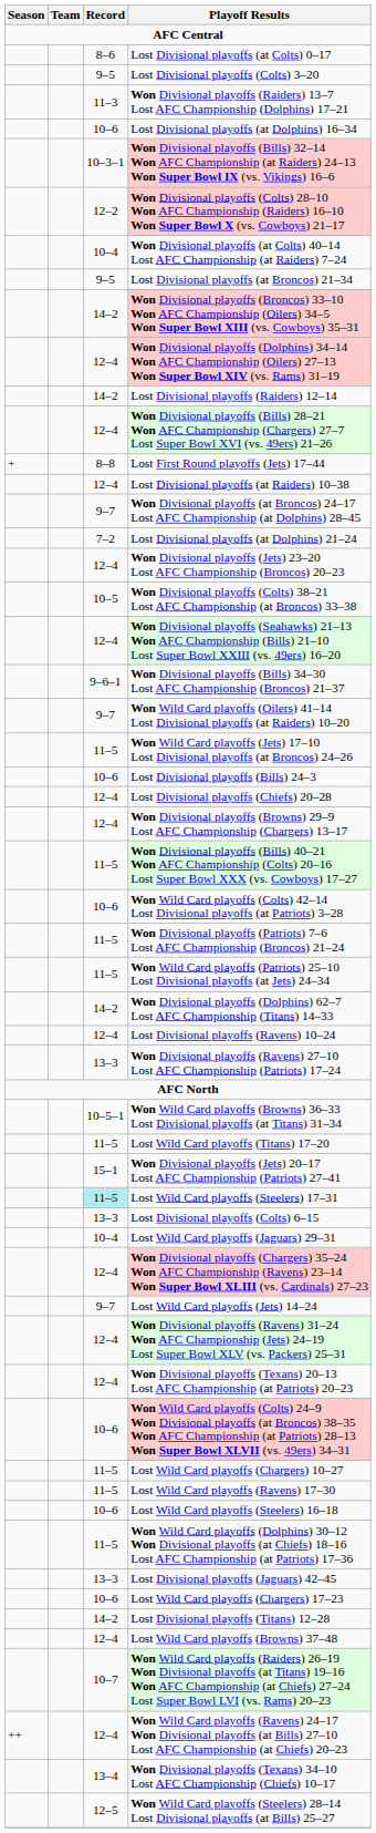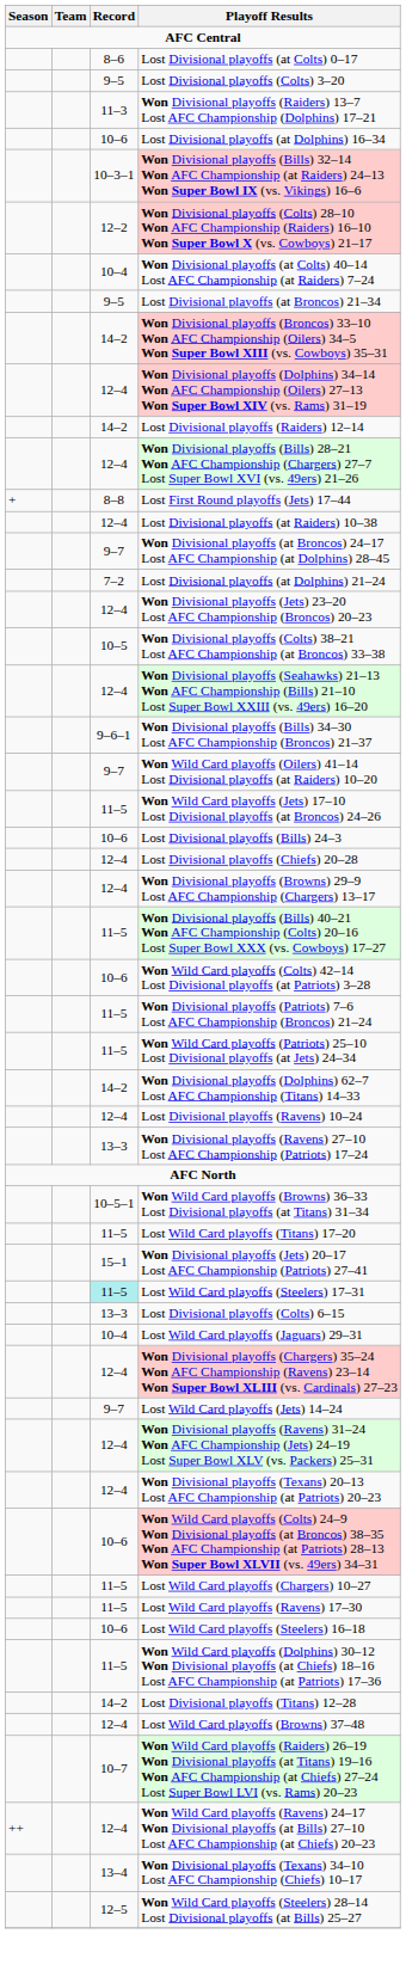 <table class="wikitable">
 <tr style="background:#efefef;">
 <th>Season</th>
 <th>Team</th>
 <th>Record</th>
 <th>Playoff Results</th>
 </tr>
 <tr>
 <td colspan="4" style="text-align:center;"><strong>AFC Central</strong></td>
 </tr>
 <tr>
 <td></td>
 <td><strong><a href='#'></a></strong></td>
 <td align="center">8–6</td>
 <td>Lost <a href='#'>Divisional playoffs</a> (at <a href='#'>Colts</a>) 0–17</td>
 </tr>
 <tr>
 <td></td>
 <td><strong><a href='#'></a></strong></td>
 <td align="center">9–5</td>
 <td>Lost <a href='#'>Divisional playoffs</a> (<a href='#'>Colts</a>) 3–20</td>
 </tr>
 <tr>
 <td></td>
 <td><strong><a href='#'></a></strong></td>
 <td align="center">11–3</td>
 <td><strong>Won</strong> <a href='#'>Divisional playoffs</a> (<a href='#'>Raiders</a>) 13–7<br>Lost <a href='#'>AFC Championship</a> (<a href='#'>Dolphins</a>) 17–21</td>
 </tr>
 <tr>
 <td></td>
 <td><strong><a href='#'></a></strong></td>
 <td align="center">10–6</td>
 <td>Lost <a href='#'>Divisional playoffs</a> (at <a href='#'>Dolphins</a>) 16–34</td>
 </tr>
 <tr>
 <td></td>
 <td><strong><a href='#'></a></strong></td>
 <td align="center">10–3–1</td>
 <td style="background: #FFCCCC;" valign="top"><strong>Won</strong> <a href='#'>Divisional playoffs</a> (<a href='#'>Bills</a>) 32–14<br><strong>Won</strong> <a href='#'>AFC Championship</a> (at <a href='#'>Raiders</a>) 24–13<br><strong>Won <a href='#'>Super Bowl IX</a></strong> (vs. <a href='#'>Vikings</a>) 16–6</td>
 </tr>
 <tr>
 <td></td>
 <td><strong><a href='#'></a></strong></td>
 <td align="center">12–2</td>
 <td style="background: #FFCCCC;" valign="top"><strong>Won</strong> <a href='#'>Divisional playoffs</a> (<a href='#'>Colts</a>) 28–10<br><strong>Won</strong> <a href='#'>AFC Championship</a> (<a href='#'>Raiders</a>) 16–10<br><strong>Won <a href='#'>Super Bowl X</a></strong> (vs. <a href='#'>Cowboys</a>) 21–17</td>
 </tr>
 <tr>
 <td></td>
 <td><strong><a href='#'></a></strong></td>
 <td align="center">10–4</td>
 <td><strong>Won</strong> <a href='#'>Divisional playoffs</a> (at <a href='#'>Colts</a>) 40–14<br>Lost <a href='#'>AFC Championship</a> (at <a href='#'>Raiders</a>) 7–24</td>
 </tr>
 <tr>
 <td></td>
 <td><strong><a href='#'></a></strong></td>
 <td align="center">9–5</td>
 <td>Lost <a href='#'>Divisional playoffs</a> (at <a href='#'>Broncos</a>) 21–34</td>
 </tr>
 <tr>
 <td></td>
 <td><strong><a href='#'></a></strong></td>
 <td align="center">14–2</td>
 <td style="background: #FFCCCC;" valign="top"><strong>Won</strong> <a href='#'>Divisional playoffs</a> (<a href='#'>Broncos</a>) 33–10<br><strong>Won</strong> <a href='#'>AFC Championship</a> (<a href='#'>Oilers</a>) 34–5<br><strong>Won <a href='#'>Super Bowl XIII</a></strong> (vs. <a href='#'>Cowboys</a>) 35–31</td>
 </tr>
 <tr>
 <td></td>
 <td><strong><a href='#'></a></strong></td>
 <td align="center">12–4</td>
 <td style="background: #FFCCCC;" valign="top"><strong>Won</strong> <a href='#'>Divisional playoffs</a> (<a href='#'>Dolphins</a>) 34–14<br><strong>Won</strong> <a href='#'>AFC Championship</a> (<a href='#'>Oilers</a>) 27–13<br><strong>Won <a href='#'>Super Bowl XIV</a></strong> (vs. <a href='#'>Rams</a>) 31–19</td>
 </tr>
 <tr>
 <td></td>
 <td><strong><a href='#'></a></strong></td>
 <td align="center">14–2</td>
 <td>Lost <a href='#'>Divisional playoffs</a> (<a href='#'>Raiders</a>) 12–14</td>
 </tr>
 <tr>
 <td></td>
 <td><strong><a href='#'></a></strong></td>
 <td align="center">12–4</td>
 <td bgcolor="#DDFFDD"><strong>Won</strong> <a href='#'>Divisional playoffs</a> (<a href='#'>Bills</a>) 28–21<br><strong>Won</strong> <a href='#'>AFC Championship</a> (<a href='#'>Chargers</a>) 27–7<br>Lost <a href='#'>Super Bowl XVI</a> (vs. <a href='#'>49ers</a>) 21–26</td>
 </tr>
 <tr>
 <td>+</td>
 <td><strong><a href='#'></a></strong></td>
 <td align="center">8–8</td>
 <td>Lost <a href='#'>First Round playoffs</a> (<a href='#'>Jets</a>) 17–44</td>
 </tr>
 <tr>
 <td></td>
 <td><strong><a href='#'></a></strong></td>
 <td align="center">12–4</td>
 <td>Lost <a href='#'>Divisional playoffs</a> (at <a href='#'>Raiders</a>) 10–38</td>
 </tr>
 <tr>
 <td></td>
 <td><strong><a href='#'></a></strong></td>
 <td align="center">9–7</td>
 <td><strong>Won</strong> <a href='#'>Divisional playoffs</a> (at <a href='#'>Broncos</a>) 24–17<br>Lost <a href='#'>AFC Championship</a> (at <a href='#'>Dolphins</a>) 28–45</td>
 </tr>
 <tr>
 <td></td>
 <td><strong><a href='#'></a></strong></td>
 <td align="center">7–2</td>
 <td>Lost <a href='#'>Divisional playoffs</a> (at <a href='#'>Dolphins</a>) 21–24</td>
 </tr>
 <tr>
 <td></td>
 <td><strong><a href='#'></a></strong></td>
 <td align="center">12–4</td>
 <td><strong>Won</strong> <a href='#'>Divisional playoffs</a> (<a href='#'>Jets</a>) 23–20 <br>Lost <a href='#'>AFC Championship</a> (<a href='#'>Broncos</a>) 20–23 </td>
 </tr>
 <tr>
 <td></td>
 <td><strong><a href='#'></a></strong></td>
 <td align="center">10–5</td>
 <td><strong>Won</strong> <a href='#'>Divisional playoffs</a> (<a href='#'>Colts</a>) 38–21<br>Lost <a href='#'>AFC Championship</a> (at <a href='#'>Broncos</a>) 33–38</td>
 </tr>
 <tr>
 <td></td>
 <td><strong><a href='#'></a></strong></td>
 <td align="center">12–4</td>
 <td bgcolor="#DDFFDD"><strong>Won</strong> <a href='#'>Divisional playoffs</a> (<a href='#'>Seahawks</a>) 21–13<br><strong>Won</strong> <a href='#'>AFC Championship</a> (<a href='#'>Bills</a>) 21–10<br>Lost <a href='#'>Super Bowl XXIII</a> (vs. <a href='#'>49ers</a>) 16–20</td>
 </tr>
 <tr>
 <td></td>
 <td><strong><a href='#'></a></strong></td>
 <td align="center">9–6–1</td>
 <td><strong>Won</strong> <a href='#'>Divisional playoffs</a> (<a href='#'>Bills</a>) 34–30<br>Lost <a href='#'>AFC Championship</a> (<a href='#'>Broncos</a>) 21–37</td>
 </tr>
 <tr>
 <td></td>
 <td><strong><a href='#'></a></strong></td>
 <td align="center">9–7</td>
 <td><strong>Won</strong> <a href='#'>Wild Card playoffs</a> (<a href='#'>Oilers</a>) 41–14<br>Lost <a href='#'>Divisional playoffs</a> (at <a href='#'>Raiders</a>) 10–20</td>
 </tr>
 <tr>
 <td></td>
 <td><strong><a href='#'></a></strong></td>
 <td align="center">11–5</td>
 <td><strong>Won</strong> <a href='#'>Wild Card playoffs</a> (<a href='#'>Jets</a>) 17–10<br>Lost <a href='#'>Divisional playoffs</a> (at <a href='#'>Broncos</a>) 24–26</td>
 </tr>
 <tr>
 <td></td>
 <td><strong><a href='#'></a></strong></td>
 <td align="center">10–6</td>
 <td>Lost <a href='#'>Divisional playoffs</a> (<a href='#'>Bills</a>) 24–3</td>
 </tr>
 <tr>
 <td></td>
 <td><strong><a href='#'></a></strong></td>
 <td align="center">12–4</td>
 <td>Lost <a href='#'>Divisional playoffs</a> (<a href='#'>Chiefs</a>) 20–28</td>
 </tr>
 <tr>
 <td></td>
 <td><strong><a href='#'></a></strong></td>
 <td align="center">12–4</td>
 <td><strong>Won</strong> <a href='#'>Divisional playoffs</a> (<a href='#'>Browns</a>) 29–9<br>Lost <a href='#'>AFC Championship</a> (<a href='#'>Chargers</a>) 13–17</td>
 </tr>
 <tr>
 <td></td>
 <td><strong><a href='#'></a></strong></td>
 <td align="center">11–5</td>
 <td bgcolor="#DDFFDD"><strong>Won</strong> <a href='#'>Divisional playoffs</a> (<a href='#'>Bills</a>) 40–21<br><strong>Won</strong> <a href='#'>AFC Championship</a> (<a href='#'>Colts</a>) 20–16<br>Lost <a href='#'>Super Bowl XXX</a> (vs. <a href='#'>Cowboys</a>) 17–27</td>
 </tr>
 <tr>
 <td></td>
 <td><strong><a href='#'></a></strong></td>
 <td align="center">10–6</td>
 <td><strong>Won</strong> <a href='#'>Wild Card playoffs</a> (<a href='#'>Colts</a>) 42–14<br>Lost <a href='#'>Divisional playoffs</a> (at <a href='#'>Patriots</a>) 3–28</td>
 </tr>
 <tr>
 <td></td>
 <td><strong><a href='#'></a></strong></td>
 <td align="center">11–5</td>
 <td><strong>Won</strong> <a href='#'>Divisional playoffs</a> (<a href='#'>Patriots</a>) 7–6<br>Lost <a href='#'>AFC Championship</a> (<a href='#'>Broncos</a>) 21–24</td>
 </tr>
 <tr>
 <td></td>
 <td><strong><a href='#'></a></strong></td>
 <td align="center">11–5</td>
 <td><strong>Won</strong> <a href='#'>Wild Card playoffs</a> (<a href='#'>Patriots</a>) 25–10<br>Lost <a href='#'>Divisional playoffs</a> (at <a href='#'>Jets</a>) 24–34</td>
 </tr>
 <tr>
 <td></td>
 <td><strong><a href='#'></a></strong></td>
 <td align="center">14–2</td>
 <td><strong>Won</strong> <a href='#'>Divisional playoffs</a> (<a href='#'>Dolphins</a>) 62–7<br>Lost <a href='#'>AFC Championship</a> (<a href='#'>Titans</a>) 14–33</td>
 </tr>
 <tr>
 <td></td>
 <td><strong><a href='#'></a></strong></td>
 <td align="center">12–4</td>
 <td>Lost <a href='#'>Divisional playoffs</a> (<a href='#'>Ravens</a>) 10–24</td>
 </tr>
 <tr>
 <td></td>
 <td><strong><a href='#'></a></strong></td>
 <td align="center">13–3</td>
 <td><strong>Won</strong> <a href='#'>Divisional playoffs</a> (<a href='#'>Ravens</a>) 27–10<br>Lost <a href='#'>AFC Championship</a> (<a href='#'>Patriots</a>) 17–24</td>
 </tr>
 <tr>
 <td colspan="4" style="text-align:center;"><strong>AFC North</strong></td>
 </tr>
 <tr>
 <td></td>
 <td><strong><a href='#'></a></strong></td>
 <td align="center">10–5–1</td>
 <td><strong>Won</strong> <a href='#'>Wild Card playoffs</a> (<a href='#'>Browns</a>) 36–33<br>Lost <a href='#'>Divisional playoffs</a> (at <a href='#'>Titans</a>) 31–34</td>
 </tr>
 <tr>
 <td></td>
 <td><strong><a href='#'></a></strong></td>
 <td align="center">11–5</td>
 <td>Lost <a href='#'>Wild Card playoffs</a> (<a href='#'>Titans</a>) 17–20</td>
 </tr>
 <tr>
 <td></td>
 <td><strong><a href='#'></a></strong></td>
 <td align="center">15–1</td>
 <td><strong>Won</strong> <a href='#'>Divisional playoffs</a> (<a href='#'>Jets</a>) 20–17<br> Lost <a href='#'>AFC Championship</a> (<a href='#'>Patriots</a>) 27–41</td>
 </tr>
 <tr>
 <td></td>
 <td><strong><a href='#'></a></strong></td>
 <td align="center" style="background: paleturquoise;">11–5</td>
 <td>Lost <a href='#'>Wild Card playoffs</a> (<a href='#'>Steelers</a>) 17–31</td>
 </tr>
 <tr>
 <td></td>
 <td><strong><a href='#'></a></strong></td>
 <td align="center">13–3</td>
 <td>Lost <a href='#'>Divisional playoffs</a> (<a href='#'>Colts</a>) 6–15</td>
 </tr>
 <tr>
 <td></td>
 <td><strong><a href='#'></a></strong></td>
 <td align="center">10–4</td>
 <td>Lost <a href='#'>Wild Card playoffs</a> (<a href='#'>Jaguars</a>) 29–31</td>
 </tr>
 <tr>
 <td></td>
 <td><strong><a href='#'></a></strong></td>
 <td align="center">12–4</td>
 <td style="background: #FFCCCC;" valign="top"><strong>Won</strong> <a href='#'>Divisional playoffs</a> (<a href='#'>Chargers</a>) 35–24<br><strong>Won</strong> <a href='#'>AFC Championship</a> (<a href='#'>Ravens</a>)  23–14<br><strong>Won <a href='#'>Super Bowl XLIII</a></strong> (vs. <a href='#'>Cardinals</a>) 27–23</td>
 </tr>
 <tr>
 <td></td>
 <td><strong><a href='#'></a></strong></td>
 <td align="center">9–7</td>
 <td>Lost <a href='#'>Wild Card playoffs</a> (<a href='#'>Jets</a>) 14–24</td>
 </tr>
 <tr>
 <td></td>
 <td><strong><a href='#'></a></strong></td>
 <td align="center">12–4</td>
 <td bgcolor="#DDFFDD"><strong>Won</strong> <a href='#'>Divisional playoffs</a> (<a href='#'>Ravens</a>) 31–24<br><strong>Won</strong> <a href='#'>AFC Championship</a> (<a href='#'>Jets</a>)  24–19<br>Lost <a href='#'>Super Bowl XLV</a> (vs. <a href='#'>Packers</a>) 25–31</td>
 </tr>
 <tr>
 <td></td>
 <td><strong><a href='#'></a></strong></td>
 <td align="center">12–4</td>
 <td><strong>Won</strong> <a href='#'>Divisional playoffs</a> (<a href='#'>Texans</a>) 20–13<br>Lost <a href='#'>AFC Championship</a> (at <a href='#'>Patriots</a>) 20–23</td>
 </tr>
 <tr>
 <td></td>
 <td><strong><a href='#'></a></strong></td>
 <td align="center">10–6</td>
 <td style="background: #FFCCCC;" valign="top"><strong>Won</strong> <a href='#'>Wild Card playoffs</a> (<a href='#'>Colts</a>) 24–9<br><strong>Won</strong> <a href='#'>Divisional playoffs</a> (at <a href='#'>Broncos</a>) 38–35 <br><strong>Won</strong> <a href='#'>AFC Championship</a> (at <a href='#'>Patriots</a>) 28–13<br><strong>Won <a href='#'>Super Bowl XLVII</a></strong> (vs. <a href='#'>49ers</a>) 34–31</td>
 </tr>
 <tr>
 <td></td>
 <td><strong><a href='#'></a></strong></td>
 <td align="center">11–5</td>
 <td>Lost <a href='#'>Wild Card playoffs</a> (<a href='#'>Chargers</a>) 10–27</td>
 </tr>
 <tr>
 <td></td>
 <td><strong><a href='#'></a></strong></td>
 <td align="center">11–5</td>
 <td>Lost <a href='#'>Wild Card playoffs</a> (<a href='#'>Ravens</a>) 17–30</td>
 </tr>
 <tr>
 <td></td>
 <td><strong><a href='#'></a></strong></td>
 <td align="center">10–6</td>
 <td>Lost <a href='#'>Wild Card playoffs</a> (<a href='#'>Steelers</a>) 16–18</td>
 </tr>
 <tr>
 <td></td>
 <td><strong><a href='#'></a></strong></td>
 <td align="center">11–5</td>
 <td><strong>Won</strong> <a href='#'>Wild Card playoffs</a> (<a href='#'>Dolphins</a>) 30–12<br><strong>Won</strong> <a href='#'>Divisional playoffs</a> (at <a href='#'>Chiefs</a>) 18–16<br>Lost <a href='#'>AFC Championship</a> (at <a href='#'>Patriots</a>) 17–36</td>
 </tr>
 <tr>
 <td></td>
 <td><strong><a href='#'></a></strong></td>
-<td align="center">13–3</td>
-<td>Lost <a href='#'>Divisional playoffs</a> (<a href='#'>Jaguars</a>) 42–45</td>
-</tr>
-<tr>
-<td></td>
-<td><strong><a href='#'></a></strong></td>
-<td align="center">10–6</td>
-<td>Lost <a href='#'>Wild Card playoffs</a> (<a href='#'>Chargers</a>) 17–23</td>
-</tr>
-<tr>
-<td></td>
-<td><strong><a href='#'></a></strong></td>
 <td align="center">14–2</td>
 <td>Lost <a href='#'>Divisional playoffs</a> (<a href='#'>Titans</a>) 12–28</td>
 </tr>
 <tr>
 <td></td>
 <td><strong><a href='#'></a></strong></td>
 <td align="center">12–4</td>
 <td>Lost <a href='#'>Wild Card playoffs</a> (<a href='#'>Browns</a>) 37–48</td>
 </tr>
 <tr>
 <td></td>
 <td><strong><a href='#'></a></strong></td>
 <td align="center">10–7</td>
 <td bgcolor="#DDFFDD"><strong>Won</strong> <a href='#'>Wild Card playoffs</a> (<a href='#'>Raiders</a>) 26–19<br><strong>Won</strong> <a href='#'>Divisional playoffs</a> (at <a href='#'>Titans</a>) 19–16<br><strong>Won</strong> <a href='#'>AFC Championship</a> (at <a href='#'>Chiefs</a>) 27–24 <br>Lost <a href='#'>Super Bowl LVI</a> (vs. <a href='#'>Rams</a>) 20–23</td>
 </tr>
 <tr>
 <td>++</td>
 <td><strong><a href='#'></a></strong></td>
 <td align="center">12–4</td>
 <td><strong>Won</strong> <a href='#'>Wild Card playoffs</a> (<a href='#'>Ravens</a>) 24–17 <br> <strong>Won</strong> <a href='#'>Divisional playoffs</a> (at <a href='#'>Bills</a>) 27–10 <br> Lost <a href='#'>AFC Championship</a> (at <a href='#'>Chiefs</a>) 20–23</td>
 </tr>
 <tr>
 <td></td>
 <td><strong><a href='#'></a></strong></td>
 <td align="center">13–4</td>
 <td><strong>Won</strong> <a href='#'>Divisional playoffs</a> (<a href='#'>Texans</a>) 34–10 <br> Lost <a href='#'>AFC Championship</a> (<a href='#'>Chiefs</a>) 10–17</td>
 </tr>
 <tr>
 <td></td>
 <td><strong><a href='#'></a></strong></td>
 <td align="center">12–5</td>
 <td><strong>Won</strong> <a href='#'>Wild Card playoffs</a> (<a href='#'>Steelers</a>) 28–14 <br> Lost <a href='#'>Divisional playoffs</a> (at <a href='#'>Bills</a>) 25–27</td>
 </tr>
 <tr>
 </tr>
 </table>
